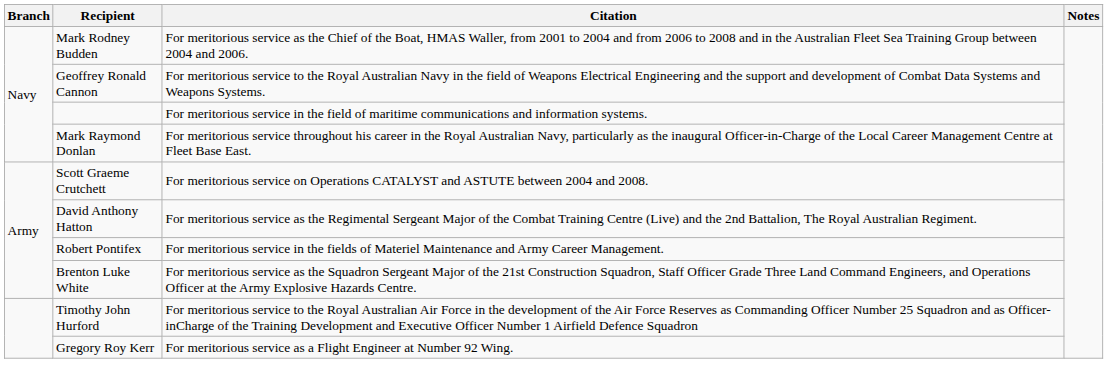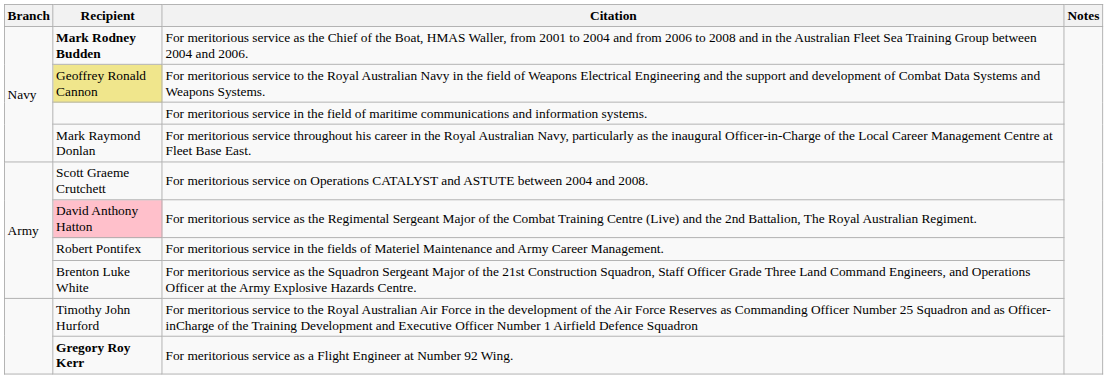 <table class="wikitable" style="font-size:95%;">
 <tr>
 <th>Branch</th>
 <th>Recipient</th>
 <th>Citation</th>
 <th>Notes</th>
 </tr>
 <tr>
 <td rowspan=4>Navy</td>
-<td> Mark Rodney Budden</td>
+<td><strong> Mark Rodney Budden</strong></td>
 <td>For meritorious service as the Chief of the Boat, HMAS Waller, from 2001 to 2004 and from 2006 to 2008 and in the Australian Fleet Sea Training Group between 2004 and 2006.</td>
 <td rowspan=10></td>
 </tr>
 <tr>
-<td> Geoffrey Ronald Cannon </td>
+<td style="background: khaki;"> Geoffrey Ronald Cannon </td>
 <td>For meritorious service to the Royal Australian Navy in the field of Weapons Electrical Engineering and the support and development of Combat Data Systems and Weapons Systems.</td>
 </tr>
 <tr>
 <td></td>
 <td>For meritorious service in the field of maritime communications and information systems.</td>
 </tr>
 <tr>
 <td> Mark Raymond Donlan</td>
 <td>For meritorious service throughout his career in the Royal Australian Navy, particularly as the inaugural Officer-in-Charge of the Local Career Management Centre at Fleet Base East.</td>
 </tr>
 <tr>
 <td rowspan=4>Army</td>
 <td> Scott Graeme Crutchett</td>
 <td>For meritorious service on Operations CATALYST and ASTUTE between 2004 and 2008.</td>
 </tr>
 <tr>
-<td> David Anthony Hatton</td>
+<td style="background: pink;"> David Anthony Hatton</td>
 <td>For meritorious service as the Regimental Sergeant Major of the Combat Training Centre (Live) and the 2nd Battalion, The Royal Australian Regiment.</td>
 </tr>
 <tr>
 <td> Robert Pontifex </td>
 <td>For meritorious service in the fields of Materiel Maintenance and Army Career Management.</td>
 </tr>
 <tr>
 <td> Brenton Luke White</td>
 <td>For meritorious service as the Squadron Sergeant Major of the 21st Construction Squadron, Staff Officer Grade Three Land Command Engineers, and Operations Officer at the Army Explosive Hazards Centre.</td>
 </tr>
 <tr>
 <td rowspan=2></td>
 <td> Timothy John Hurford</td>
 <td>For meritorious service to the Royal Australian Air Force in the development of the Air Force Reserves as Commanding Officer Number 25 Squadron and as Officer-inCharge of the Training Development and Executive Officer Number 1 Airfield Defence Squadron</td>
 </tr>
 <tr>
-<td> Gregory Roy Kerr</td>
+<td><strong> Gregory Roy Kerr</strong></td>
 <td>For meritorious service as a Flight Engineer at Number 92 Wing.</td>
 </tr>
 </table>
